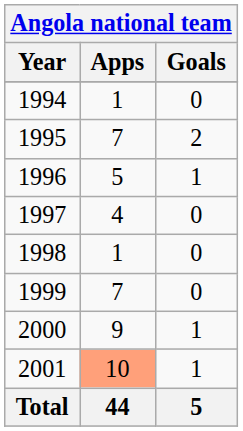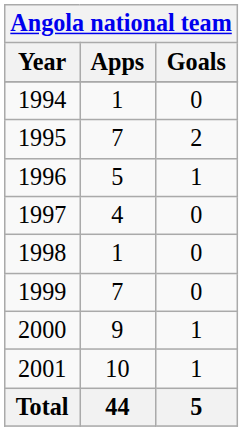 <table class="wikitable" style="text-align:center">
 <tr>
 <th colspan=3><a href='#'>Angola national team</a></th>
 </tr>
 <tr>
 <th>Year</th>
 <th>Apps</th>
 <th>Goals</th>
 </tr>
 <tr>
 </tr>
 <tr>
 <td>1994</td>
 <td>1</td>
 <td>0</td>
 </tr>
 <tr>
 <td>1995</td>
 <td>7</td>
 <td>2</td>
 </tr>
 <tr>
 <td>1996</td>
 <td>5</td>
 <td>1</td>
 </tr>
 <tr>
 <td>1997</td>
 <td>4</td>
 <td>0</td>
 </tr>
 <tr>
 <td>1998</td>
 <td>1</td>
 <td>0</td>
 </tr>
 <tr>
 <td>1999</td>
 <td>7</td>
 <td>0</td>
 </tr>
 <tr>
 <td>2000</td>
 <td>9</td>
 <td>1</td>
 </tr>
 <tr>
 <td>2001</td>
-<td style="background: lightsalmon;">10</td>
+<td>10</td>
 <td>1</td>
 </tr>
 <tr>
 <th>Total</th>
 <th>44</th>
 <th>5</th>
 </tr>
 </table>
